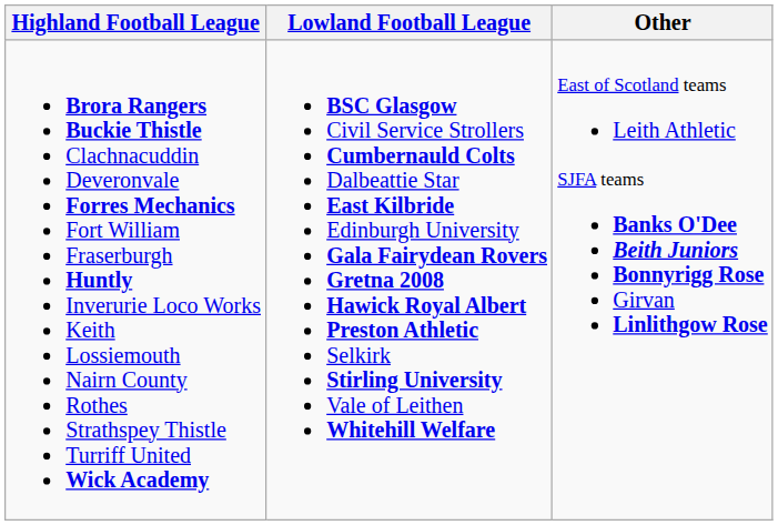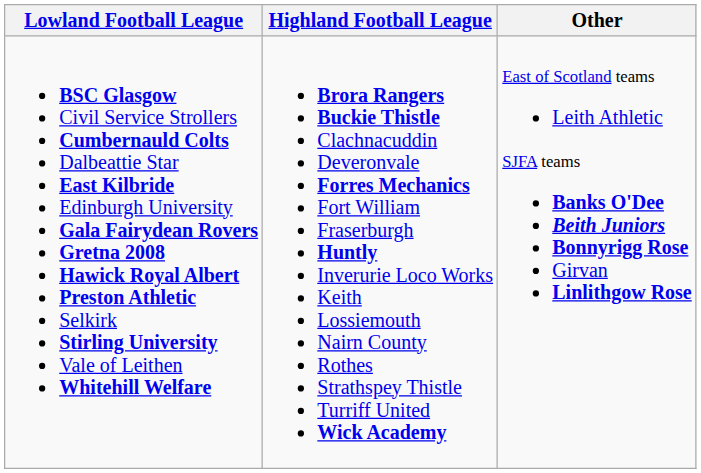 <table class="wikitable" style="text-align:left">
 <tr>
+<th><a href='#'>Lowland Football League</a></th>
 <th><a href='#'>Highland Football League</a></th>
-<th><a href='#'>Lowland Football League</a></th>
 <th>Other</th>
 </tr>
 <tr>
+<td valign=top><br><ul><li><strong><a href='#'>BSC Glasgow</a></strong></li><li><a href='#'>Civil Service Strollers</a></li><li><strong><a href='#'>Cumbernauld Colts</a></strong></li><li><a href='#'>Dalbeattie Star</a></li><li><strong><a href='#'>East Kilbride</a></strong></li><li><a href='#'>Edinburgh University</a></li><li><strong><a href='#'>Gala Fairydean Rovers</a></strong></li><li><strong><a href='#'>Gretna 2008</a></strong></li><li><strong><a href='#'>Hawick Royal Albert</a></strong></li><li><strong><a href='#'>Preston Athletic</a></strong></li><li><a href='#'>Selkirk</a></li><li><strong><a href='#'>Stirling University</a></strong></li><li><a href='#'>Vale of Leithen</a></li><li><strong><a href='#'>Whitehill Welfare</a></strong></li></ul></td>
 <td valign=top><br><ul><li><strong><a href='#'>Brora Rangers</a></strong></li><li><strong><a href='#'>Buckie Thistle</a></strong></li><li><a href='#'>Clachnacuddin</a></li><li><a href='#'>Deveronvale</a></li><li><strong><a href='#'>Forres Mechanics</a></strong></li><li><a href='#'>Fort William</a></li><li><a href='#'>Fraserburgh</a></li><li><strong><a href='#'>Huntly</a></strong></li><li><a href='#'>Inverurie Loco Works</a></li><li><a href='#'>Keith</a></li><li><a href='#'>Lossiemouth</a></li><li><a href='#'>Nairn County</a></li><li><a href='#'>Rothes</a></li><li><a href='#'>Strathspey Thistle</a></li><li><a href='#'>Turriff United</a></li><li><strong><a href='#'>Wick Academy</a></strong></li></ul></td>
-<td valign=top><br><ul><li><strong><a href='#'>BSC Glasgow</a></strong></li><li><a href='#'>Civil Service Strollers</a></li><li><strong><a href='#'>Cumbernauld Colts</a></strong></li><li><a href='#'>Dalbeattie Star</a></li><li><strong><a href='#'>East Kilbride</a></strong></li><li><a href='#'>Edinburgh University</a></li><li><strong><a href='#'>Gala Fairydean Rovers</a></strong></li><li><strong><a href='#'>Gretna 2008</a></strong></li><li><strong><a href='#'>Hawick Royal Albert</a></strong></li><li><strong><a href='#'>Preston Athletic</a></strong></li><li><a href='#'>Selkirk</a></li><li><strong><a href='#'>Stirling University</a></strong></li><li><a href='#'>Vale of Leithen</a></li><li><strong><a href='#'>Whitehill Welfare</a></strong></li></ul></td>
 <td valign=top><br><small><a href='#'>East of Scotland</a> teams</small><ul><li><a href='#'>Leith Athletic</a></li></ul><small><a href='#'>SJFA</a> teams</small><ul><li><strong><a href='#'>Banks O'Dee</a></strong></li><li><strong><em><a href='#'>Beith Juniors</a></em></strong></li><li><strong><a href='#'>Bonnyrigg Rose</a></strong></li><li><a href='#'>Girvan</a></li><li><strong><a href='#'>Linlithgow Rose</a></strong></li></ul></td>
 </tr>
 </table>
